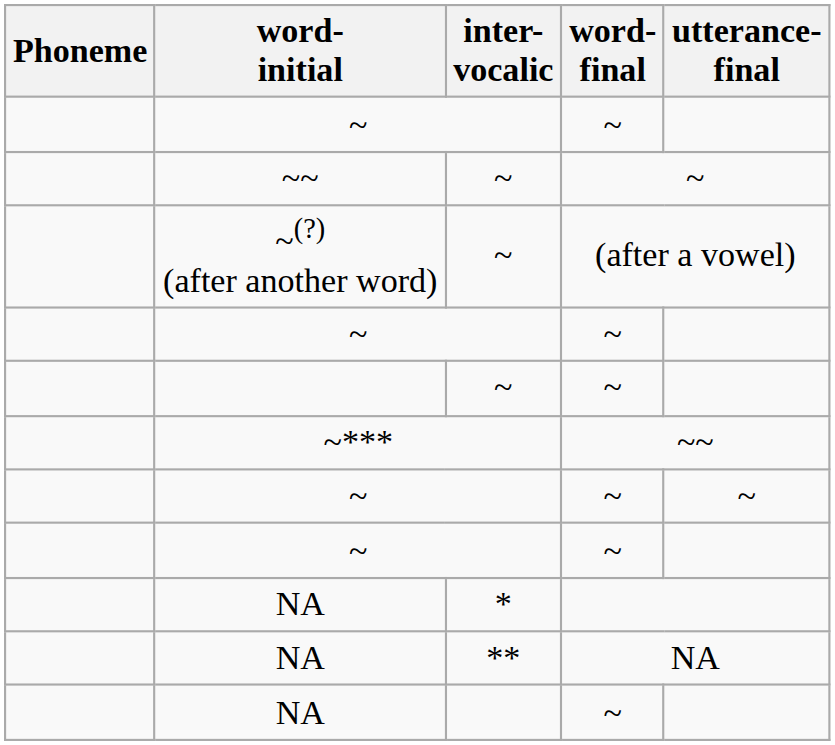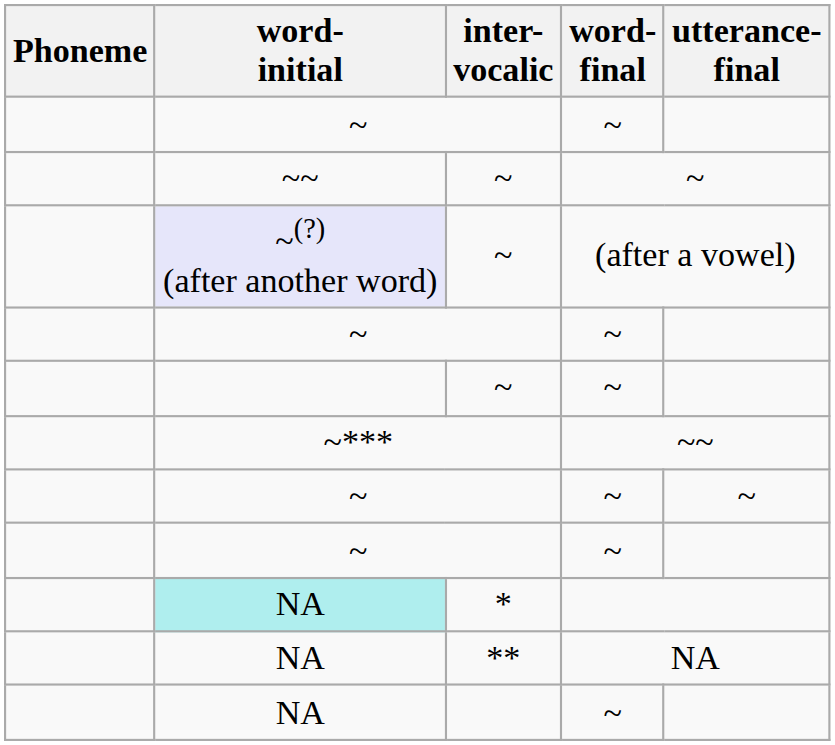 <table class="wikitable" style="text-align:center;">
 <tr>
 <th>Phoneme</th>
 <th>word-<br>initial</th>
 <th>inter-<br>vocalic</th>
 <th>word-<br>final</th>
 <th>utterance-<br>final</th>
 </tr>
 <tr>
 <td></td>
 <td colspan=2>~</td>
 <td>~</td>
 <td></td>
 </tr>
 <tr>
 <td></td>
 <td>~~</td>
 <td>~</td>
 <td colspan=2>~</td>
 </tr>
 <tr>
 <td></td>
-<td>~<sup>(?)</sup><br>(after another word)</td>
+<td style="background: lavender;">~<sup>(?)</sup><br>(after another word)</td>
 <td>~</td>
 <td colspan=2> (after a vowel)</td>
 </tr>
 <tr>
 <td></td>
 <td colspan=2>~</td>
 <td>~</td>
 <td></td>
 </tr>
 <tr>
 <td></td>
 <td></td>
 <td>~</td>
 <td>~</td>
 <td></td>
 </tr>
 <tr>
 <td></td>
 <td colspan=2>~***</td>
 <td colspan=2>~~</td>
 </tr>
 <tr>
 <td></td>
 <td colspan=2>~</td>
 <td>~</td>
 <td>~</td>
 </tr>
 <tr>
 <td></td>
 <td colspan=2>~</td>
 <td>~</td>
 <td></td>
 </tr>
 <tr>
 <td></td>
-<td>NA</td>
+<td style="background: paleturquoise;">NA</td>
 <td>*</td>
 <td colspan=2></td>
 </tr>
 <tr>
 <td></td>
 <td>NA</td>
 <td>**</td>
 <td colspan=2>NA</td>
 </tr>
 <tr>
 <td></td>
 <td>NA</td>
 <td></td>
 <td>~</td>
 <td></td>
 </tr>
 </table>
